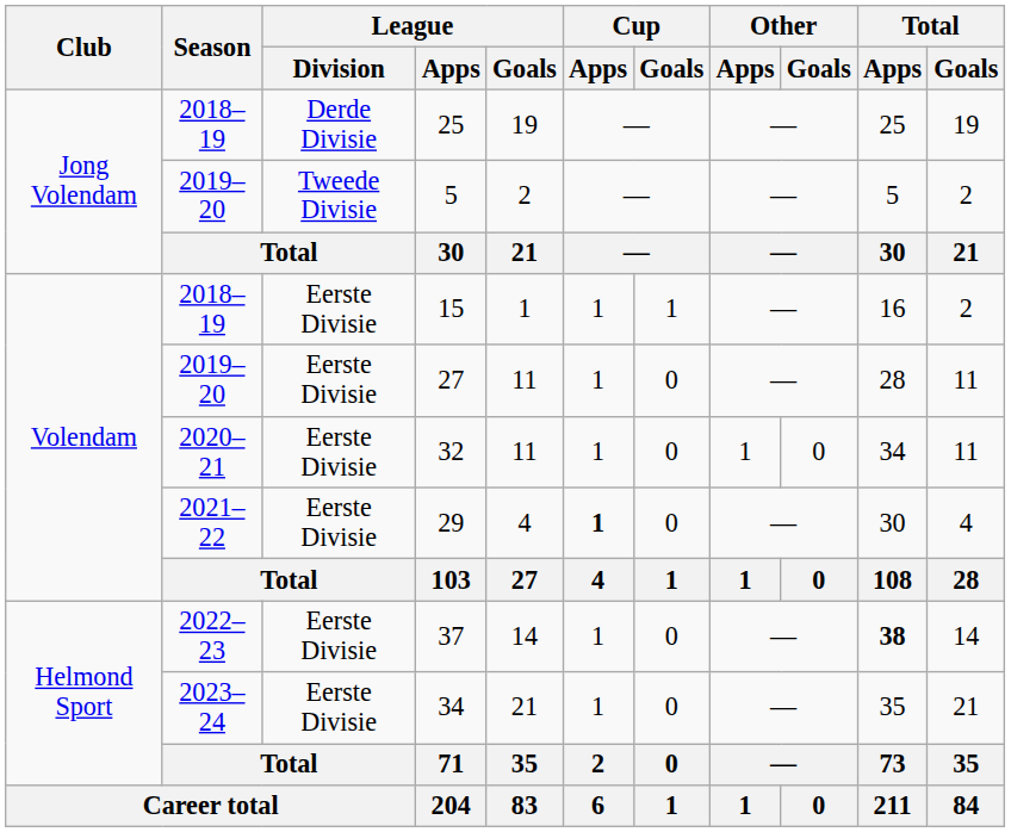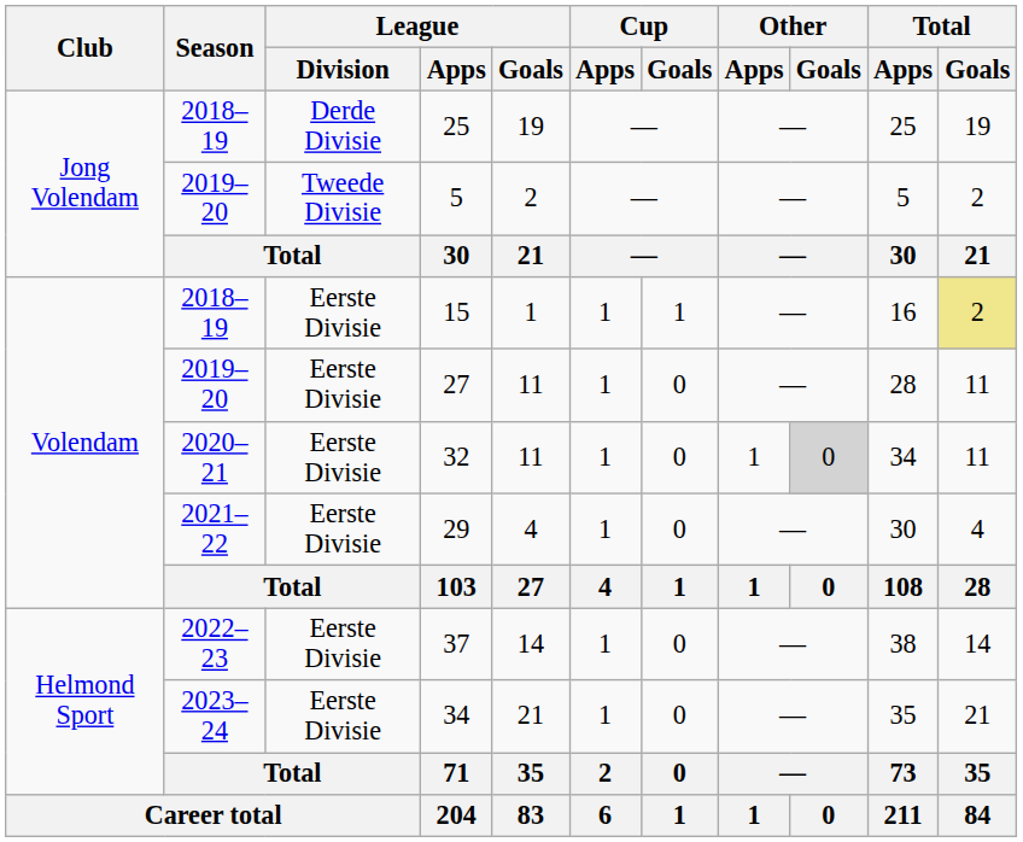 <table class="wikitable" style="text-align:center">
 <tr>
 <th rowspan="2">Club</th>
 <th rowspan="2">Season</th>
 <th colspan="3">League</th>
 <th colspan="2">Cup</th>
 <th colspan="2">Other</th>
 <th colspan="2">Total</th>
 </tr>
 <tr>
 <th>Division</th>
 <th>Apps</th>
 <th>Goals</th>
 <th>Apps</th>
 <th>Goals</th>
 <th>Apps</th>
 <th>Goals</th>
 <th>Apps</th>
 <th>Goals</th>
 </tr>
 <tr>
 <td rowspan="3"><a href='#'>Jong Volendam</a></td>
 <td><a href='#'>2018–19</a></td>
 <td><a href='#'>Derde Divisie</a></td>
 <td>25</td>
 <td>19</td>
 <td colspan="2">—</td>
 <td colspan="2">—</td>
 <td>25</td>
 <td>19</td>
 </tr>
 <tr>
 <td><a href='#'>2019–20</a></td>
 <td><a href='#'>Tweede Divisie</a></td>
 <td>5</td>
 <td>2</td>
 <td colspan="2">—</td>
 <td colspan="2">—</td>
 <td>5</td>
 <td>2</td>
 </tr>
 <tr>
 <th colspan="2">Total</th>
 <th>30</th>
 <th>21</th>
 <th colspan="2">—</th>
 <th colspan="2">—</th>
 <th>30</th>
 <th>21</th>
 </tr>
 <tr>
 <td rowspan="5"><a href='#'>Volendam</a></td>
 <td><a href='#'>2018–19</a></td>
 <td>Eerste Divisie</td>
 <td>15</td>
 <td>1</td>
 <td>1</td>
 <td>1</td>
 <td colspan="2">—</td>
 <td>16</td>
-<td>2</td>
+<td style="background: khaki;">2</td>
 </tr>
 <tr>
 <td><a href='#'>2019–20</a></td>
 <td>Eerste Divisie</td>
 <td>27</td>
 <td>11</td>
 <td>1</td>
 <td>0</td>
 <td colspan="2">—</td>
 <td>28</td>
 <td>11</td>
 </tr>
 <tr>
 <td><a href='#'>2020–21</a></td>
 <td>Eerste Divisie</td>
 <td>32</td>
 <td>11</td>
 <td>1</td>
 <td>0</td>
 <td>1</td>
-<td>0</td>
+<td style="background: lightgrey;">0</td>
 <td>34</td>
 <td>11</td>
 </tr>
 <tr>
 <td><a href='#'>2021–22</a></td>
 <td>Eerste Divisie</td>
 <td>29</td>
 <td>4</td>
-<td><strong>1</strong></td>
+<td>1</td>
 <td>0</td>
 <td colspan="2">—</td>
 <td>30</td>
 <td>4</td>
 </tr>
 <tr>
 <th colspan="2">Total</th>
 <th>103</th>
 <th>27</th>
 <th>4</th>
 <th>1</th>
 <th>1</th>
 <th>0</th>
 <th>108</th>
 <th>28</th>
 </tr>
 <tr>
 <td rowspan="3"><a href='#'>Helmond Sport</a></td>
 <td><a href='#'>2022–23</a></td>
 <td>Eerste Divisie</td>
 <td>37</td>
 <td>14</td>
 <td>1</td>
 <td>0</td>
 <td colspan="2">—</td>
-<td><strong>38</strong></td>
+<td>38</td>
 <td>14</td>
 </tr>
 <tr>
 <td><a href='#'>2023–24</a></td>
 <td>Eerste Divisie</td>
 <td>34</td>
 <td>21</td>
 <td>1</td>
 <td>0</td>
 <td colspan="2">—</td>
 <td>35</td>
 <td>21</td>
 </tr>
 <tr>
 <th colspan="2">Total</th>
 <th>71</th>
 <th>35</th>
 <th>2</th>
 <th>0</th>
 <th colspan="2">—</th>
 <th>73</th>
 <th>35</th>
 </tr>
 <tr>
 <th colspan="3">Career total</th>
 <th>204</th>
 <th>83</th>
 <th>6</th>
 <th>1</th>
 <th>1</th>
 <th>0</th>
 <th>211</th>
 <th>84</th>
 </tr>
 </table>
